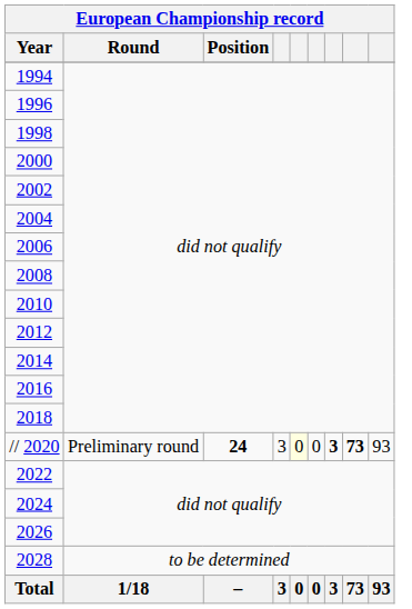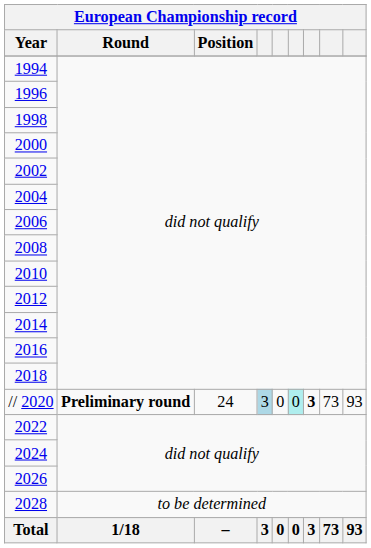 <table class="wikitable" style="text-align: center;">
 <tr>
 <th colspan=9><a href='#'>European Championship record</a></th>
 </tr>
 <tr>
 <th>Year</th>
 <th>Round</th>
 <th>Position</th>
 <th></th>
 <th></th>
 <th></th>
 <th></th>
 <th></th>
 <th></th>
 </tr>
 <tr>
 </tr>
 <tr>
 <td> <a href='#'>1994</a></td>
 <td colspan="8" rowspan="13"><em>did not qualify</em></td>
 </tr>
 <tr>
 <td> <a href='#'>1996</a></td>
 </tr>
 <tr>
 <td> <a href='#'>1998</a></td>
 </tr>
 <tr>
 <td> <a href='#'>2000</a></td>
 </tr>
 <tr>
 <td> <a href='#'>2002</a></td>
 </tr>
 <tr>
 <td> <a href='#'>2004</a></td>
 </tr>
 <tr>
 <td> <a href='#'>2006</a></td>
 </tr>
 <tr>
 <td> <a href='#'>2008</a></td>
 </tr>
 <tr>
 <td> <a href='#'>2010</a></td>
 </tr>
 <tr>
 <td> <a href='#'>2012</a></td>
 </tr>
 <tr>
 <td> <a href='#'>2014</a></td>
 </tr>
 <tr>
 <td> <a href='#'>2016</a></td>
 </tr>
 <tr>
 <td> <a href='#'>2018</a></td>
 </tr>
 <tr>
 <td>// <a href='#'>2020</a></td>
-<td>Preliminary round</td>
-<td><strong>24</strong></td>
-<td>3</td>
-<td style="background: lightyellow;">0</td>
+<td><strong>Preliminary round</strong></td>
+<td>24</td>
+<td style="background: lightblue;">3</td>
 <td>0</td>
+<td style="background: paleturquoise;">0</td>
 <td><strong>3</strong></td>
-<td><strong>73</strong></td>
+<td>73</td>
 <td>93</td>
 </tr>
 <tr>
 <td> <a href='#'>2022</a></td>
 <td colspan="8" rowspan="3"><em>did not qualify</em></td>
 </tr>
 <tr>
 <td> <a href='#'>2024</a></td>
 </tr>
 <tr>
 <td> <a href='#'>2026</a></td>
 </tr>
 <tr>
 <td> <a href='#'>2028</a></td>
 <td colspan="8"><em>to be determined</em></td>
 </tr>
 <tr>
 <th>Total</th>
 <th>1/18</th>
 <th>–</th>
 <th>3</th>
 <th>0</th>
 <th>0</th>
 <th>3</th>
 <th>73</th>
 <th>93</th>
 </tr>
 </table>
